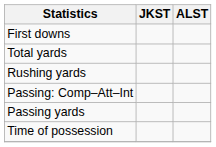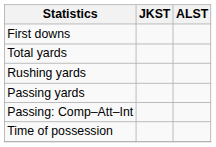 <table class="wikitable" style="float: left;">
 <tr>
 <th>Statistics</th>
 <th>JKST</th>
 <th>ALST</th>
 </tr>
 <tr>
 <td>First downs</td>
 <td></td>
 <td></td>
 </tr>
 <tr>
 <td>Total yards</td>
 <td></td>
 <td></td>
 </tr>
 <tr>
 <td>Rushing yards</td>
 <td></td>
 <td></td>
 </tr>
 <tr>
-<td>Passing: Comp–Att–Int</td>
+<td>Passing yards</td>
 <td></td>
 <td></td>
 </tr>
 <tr>
-<td>Passing yards</td>
+<td>Passing: Comp–Att–Int</td>
 <td></td>
 <td></td>
 </tr>
 <tr>
 <td>Time of possession</td>
 <td></td>
 <td></td>
 </tr>
 <tr>
 </tr>
 </table>
